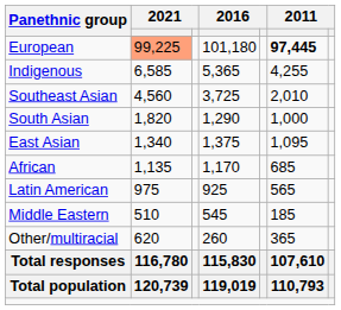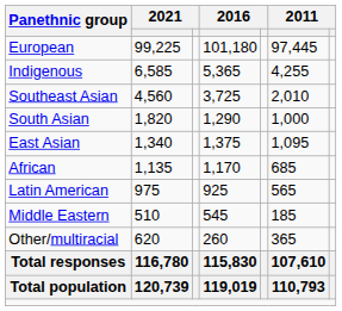 <table class="wikitable collapsible sortable">
 <tr>
 <th rowspan="2"><a href='#'>Panethnic</a> group</th>
 <th colspan="2">2021</th>
 <th colspan="2">2016</th>
 <th colspan="2">2011</th>
 </tr>
 <tr>
 <th><a href='#'></a></th>
 <th></th>
 <th></th>
 <th></th>
 <th></th>
 <th></th>
 </tr>
 <tr>
 <td><a href='#'>European</a></td>
-<td style="background: lightsalmon;">99,225</td>
+<td>99,225</td>
 <td></td>
 <td>101,180</td>
 <td></td>
-<td><strong>97,445</strong></td>
+<td>97,445</td>
 <td></td>
 </tr>
 <tr>
 <td><a href='#'>Indigenous</a></td>
 <td>6,585</td>
 <td></td>
 <td>5,365</td>
 <td></td>
 <td>4,255</td>
 <td></td>
 </tr>
 <tr>
 <td><a href='#'>Southeast Asian</a></td>
 <td>4,560</td>
 <td></td>
 <td>3,725</td>
 <td></td>
 <td>2,010</td>
 <td></td>
 </tr>
 <tr>
 <td><a href='#'>South Asian</a></td>
 <td>1,820</td>
 <td></td>
 <td>1,290</td>
 <td></td>
 <td>1,000</td>
 <td></td>
 </tr>
 <tr>
 <td><a href='#'>East Asian</a></td>
 <td>1,340</td>
 <td></td>
 <td>1,375</td>
 <td></td>
 <td>1,095</td>
 <td></td>
 </tr>
 <tr>
 <td><a href='#'>African</a></td>
 <td>1,135</td>
 <td></td>
 <td>1,170</td>
 <td></td>
 <td>685</td>
 <td></td>
 </tr>
 <tr>
 <td><a href='#'>Latin American</a></td>
 <td>975</td>
 <td></td>
 <td>925</td>
 <td></td>
 <td>565</td>
 <td></td>
 </tr>
 <tr>
 <td><a href='#'>Middle Eastern</a></td>
 <td>510</td>
 <td></td>
 <td>545</td>
 <td></td>
 <td>185</td>
 <td></td>
 </tr>
 <tr>
 <td>Other/<a href='#'>multiracial</a></td>
 <td>620</td>
 <td></td>
 <td>260</td>
 <td></td>
 <td>365</td>
 <td></td>
 </tr>
 <tr>
 <th>Total responses</th>
 <th>116,780</th>
 <th></th>
 <th>115,830</th>
 <th></th>
 <th>107,610</th>
 <th></th>
 </tr>
 <tr class="sortbottom">
 <th>Total population</th>
 <th>120,739</th>
 <th></th>
 <th>119,019</th>
 <th></th>
 <th>110,793</th>
 <th></th>
 </tr>
 <tr class="sortbottom">
 <td colspan="15"></td>
 </tr>
 </table>
